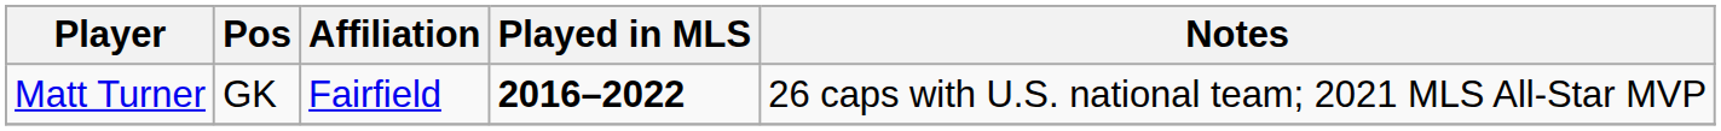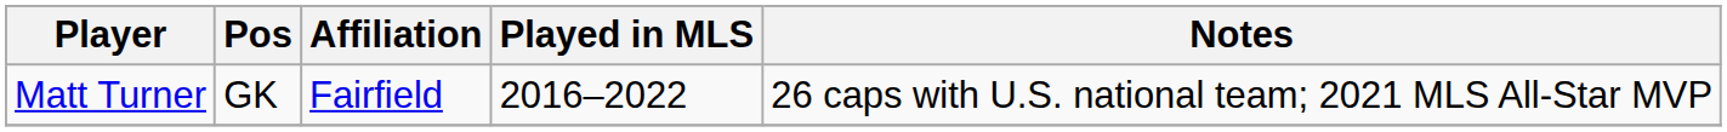 <table class="wikitable sortable">
 <tr>
 <th>Player</th>
 <th>Pos</th>
 <th>Affiliation</th>
 <th>Played in MLS</th>
 <th>Notes</th>
 </tr>
 <tr>
 <td><a href='#'>Matt Turner</a></td>
 <td>GK</td>
 <td><a href='#'>Fairfield</a></td>
-<td><strong>2016–2022</strong></td>
+<td>2016–2022</td>
 <td>26 caps with U.S. national team; 2021 MLS All-Star MVP</td>
 </tr>
 <tr>
 </tr>
 </table>
